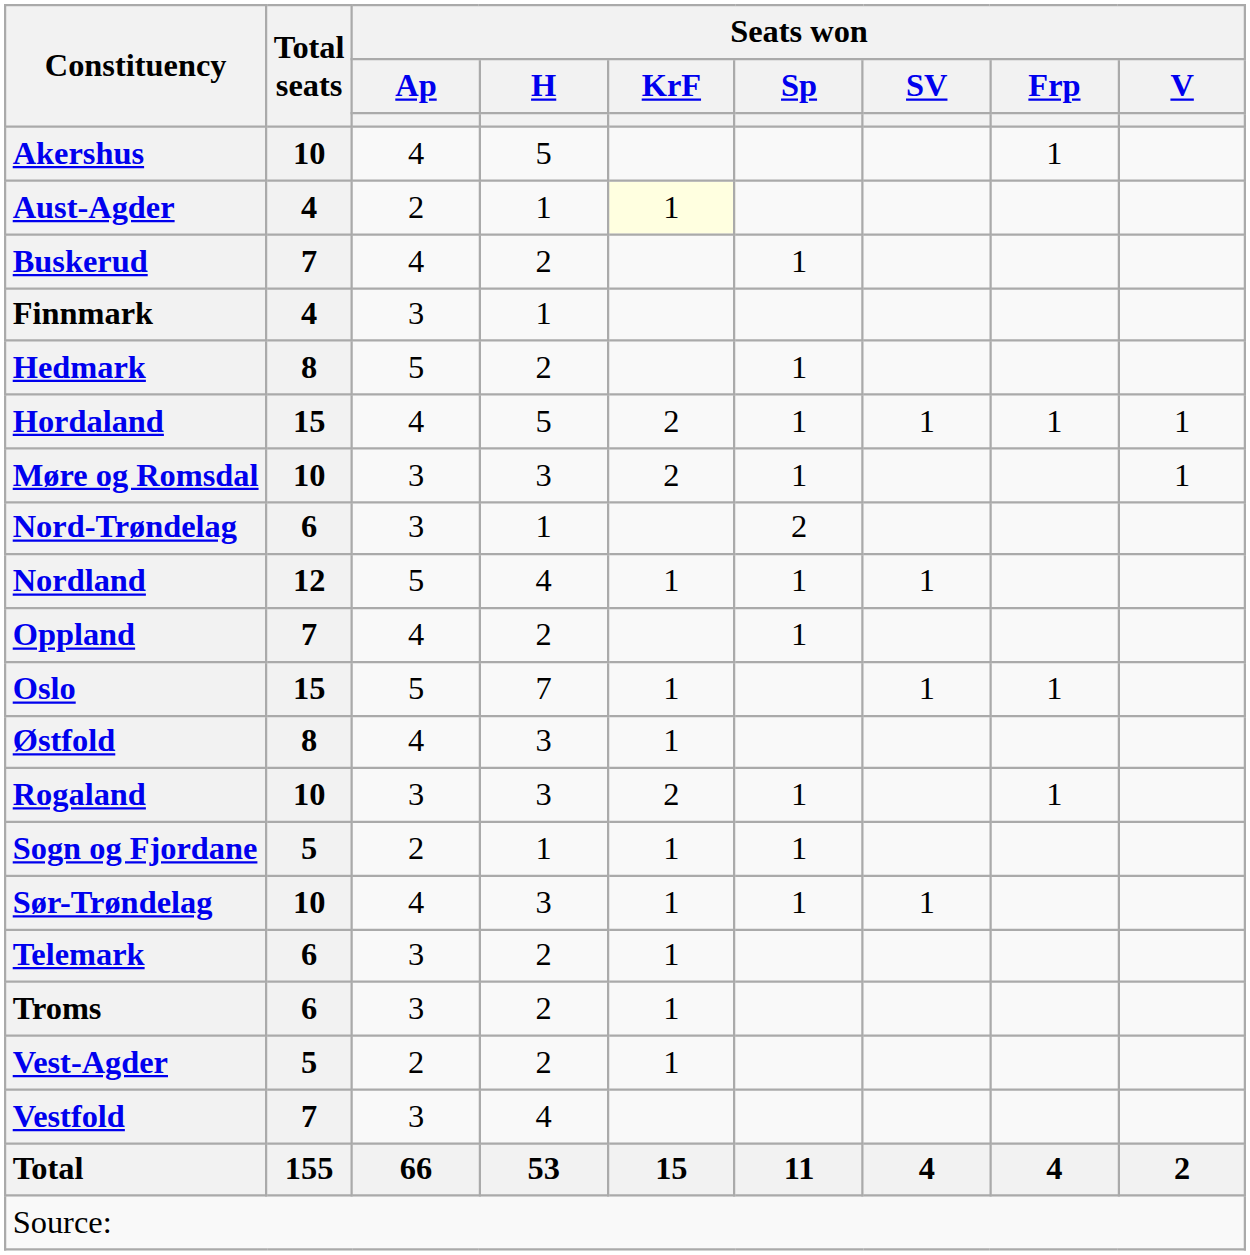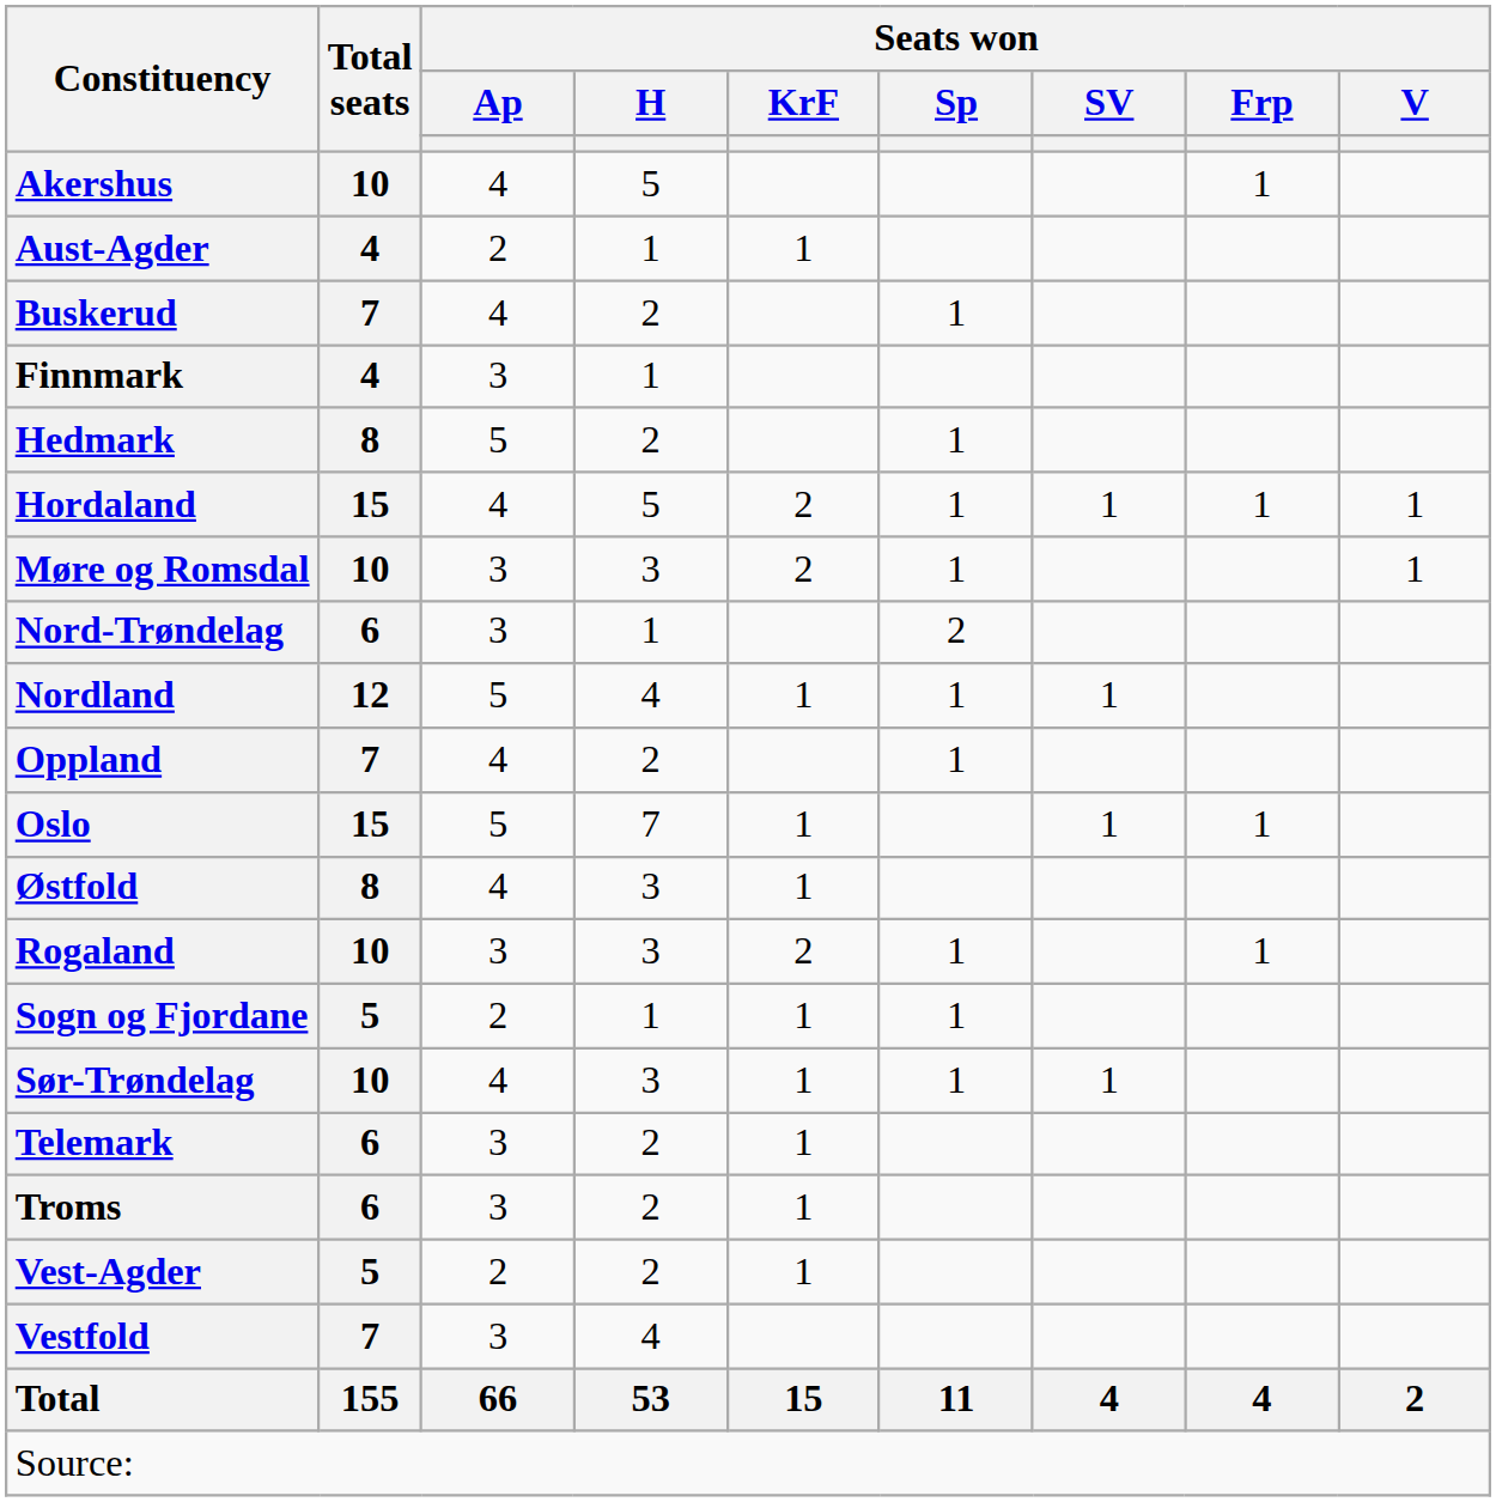 <table class="wikitable" style="text-align:center; font-size: 0.9em;">
 <tr>
 <th rowspan="3">Constituency</th>
 <th rowspan="3">Total<br>seats</th>
 <th colspan="7">Seats won</th>
 </tr>
 <tr>
 <th class="unsortable" style="width:50px;"><a href='#'>Ap</a></th>
 <th class="unsortable" style="width:50px;"><a href='#'>H</a></th>
 <th class="unsortable" style="width:50px;"><a href='#'>KrF</a></th>
 <th class="unsortable" style="width:50px;"><a href='#'>Sp</a></th>
 <th class="unsortable" style="width:50px;"><a href='#'>SV</a></th>
 <th class="unsortable" style="width:50px;"><a href='#'>Frp</a></th>
 <th class="unsortable" style="width:50px;"><a href='#'>V</a></th>
 </tr>
 <tr>
 <th style="background:"></th>
 <th style="background:"></th>
 <th style="background:"></th>
 <th style="background:"></th>
 <th style="background:"></th>
 <th style="background:"></th>
 <th style="background:"></th>
 </tr>
 <tr>
 <th style="text-align: left;"><a href='#'>Akershus</a></th>
 <th>10</th>
 <td>4</td>
 <td>5</td>
 <td></td>
 <td></td>
 <td></td>
 <td>1</td>
 <td></td>
 </tr>
 <tr>
 <th style="text-align: left;"><a href='#'>Aust-Agder</a></th>
 <th>4</th>
 <td>2</td>
 <td>1</td>
-<td style="background: lightyellow;">1</td>
+<td>1</td>
 <td></td>
 <td></td>
 <td></td>
 <td></td>
 </tr>
 <tr>
 <th style="text-align: left;"><a href='#'>Buskerud</a></th>
 <th>7</th>
 <td>4</td>
 <td>2</td>
 <td></td>
 <td>1</td>
 <td></td>
 <td></td>
 <td></td>
 </tr>
 <tr>
 <th style="text-align: left;">Finnmark</th>
 <th>4</th>
 <td>3</td>
 <td>1</td>
 <td></td>
 <td></td>
 <td></td>
 <td></td>
 <td></td>
 </tr>
 <tr>
 <th style="text-align: left;"><a href='#'>Hedmark</a></th>
 <th>8</th>
 <td>5</td>
 <td>2</td>
 <td></td>
 <td>1</td>
 <td></td>
 <td></td>
 <td></td>
 </tr>
 <tr>
 <th style="text-align: left;"><a href='#'>Hordaland</a></th>
 <th>15</th>
 <td>4</td>
 <td>5</td>
 <td>2</td>
 <td>1</td>
 <td>1</td>
 <td>1</td>
 <td>1</td>
 </tr>
 <tr>
 <th style="text-align: left;"><a href='#'>Møre og Romsdal</a></th>
 <th>10</th>
 <td>3</td>
 <td>3</td>
 <td>2</td>
 <td>1</td>
 <td></td>
 <td></td>
 <td>1</td>
 </tr>
 <tr>
 <th style="text-align: left;"><a href='#'>Nord-Trøndelag</a></th>
 <th>6</th>
 <td>3</td>
 <td>1</td>
 <td></td>
 <td>2</td>
 <td></td>
 <td></td>
 <td></td>
 </tr>
 <tr>
 <th style="text-align: left;"><a href='#'>Nordland</a></th>
 <th>12</th>
 <td>5</td>
 <td>4</td>
 <td>1</td>
 <td>1</td>
 <td>1</td>
 <td></td>
 <td></td>
 </tr>
 <tr>
 <th style="text-align: left;"><a href='#'>Oppland</a></th>
 <th>7</th>
 <td>4</td>
 <td>2</td>
 <td></td>
 <td>1</td>
 <td></td>
 <td></td>
 <td></td>
 </tr>
 <tr>
 <th style="text-align: left;"><a href='#'>Oslo</a></th>
 <th>15</th>
 <td>5</td>
 <td>7</td>
 <td>1</td>
 <td></td>
 <td>1</td>
 <td>1</td>
 <td></td>
 </tr>
 <tr>
 <th style="text-align: left;"><a href='#'>Østfold</a></th>
 <th>8</th>
 <td>4</td>
 <td>3</td>
 <td>1</td>
 <td></td>
 <td></td>
 <td></td>
 <td></td>
 </tr>
 <tr>
 <th style="text-align: left;"><a href='#'>Rogaland</a></th>
 <th>10</th>
 <td>3</td>
 <td>3</td>
 <td>2</td>
 <td>1</td>
 <td></td>
 <td>1</td>
 <td></td>
 </tr>
 <tr>
 <th style="text-align: left;"><a href='#'>Sogn og Fjordane</a></th>
 <th>5</th>
 <td>2</td>
 <td>1</td>
 <td>1</td>
 <td>1</td>
 <td></td>
 <td></td>
 <td></td>
 </tr>
 <tr>
 <th style="text-align: left;"><a href='#'>Sør-Trøndelag</a></th>
 <th>10</th>
 <td>4</td>
 <td>3</td>
 <td>1</td>
 <td>1</td>
 <td>1</td>
 <td></td>
 <td></td>
 </tr>
 <tr>
 <th style="text-align: left;"><a href='#'>Telemark</a></th>
 <th>6</th>
 <td>3</td>
 <td>2</td>
 <td>1</td>
 <td></td>
 <td></td>
 <td></td>
 <td></td>
 </tr>
 <tr>
 <th style="text-align: left;">Troms</th>
 <th>6</th>
 <td>3</td>
 <td>2</td>
 <td>1</td>
 <td></td>
 <td></td>
 <td></td>
 <td></td>
 </tr>
 <tr>
 <th style="text-align: left;"><a href='#'>Vest-Agder</a></th>
 <th>5</th>
 <td>2</td>
 <td>2</td>
 <td>1</td>
 <td></td>
 <td></td>
 <td></td>
 <td></td>
 </tr>
 <tr>
 <th style="text-align: left;"><a href='#'>Vestfold</a></th>
 <th>7</th>
 <td>3</td>
 <td>4</td>
 <td></td>
 <td></td>
 <td></td>
 <td></td>
 <td></td>
 </tr>
 <tr>
 <th style="text-align: left;">Total</th>
 <th>155</th>
 <th>66</th>
 <th>53</th>
 <th>15</th>
 <th>11</th>
 <th>4</th>
 <th>4</th>
 <th>2</th>
 </tr>
 <tr>
 <td align=left colspan="9">Source: </td>
 </tr>
 </table>
